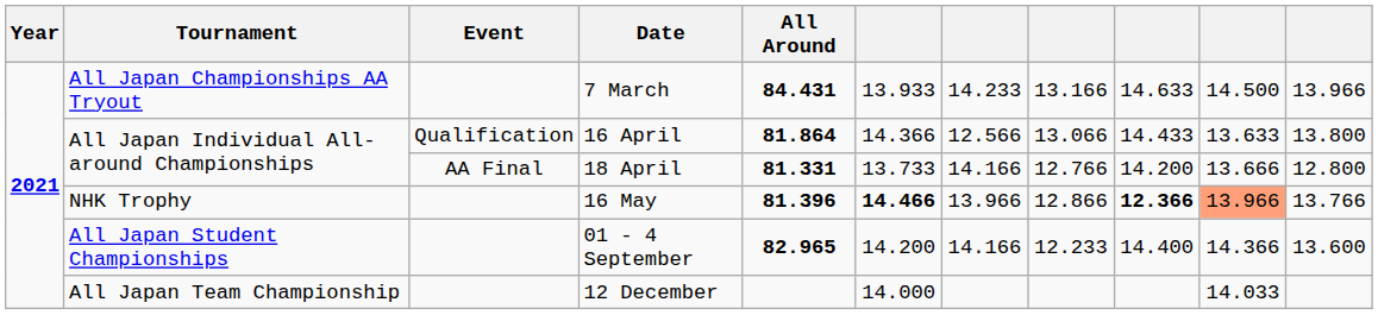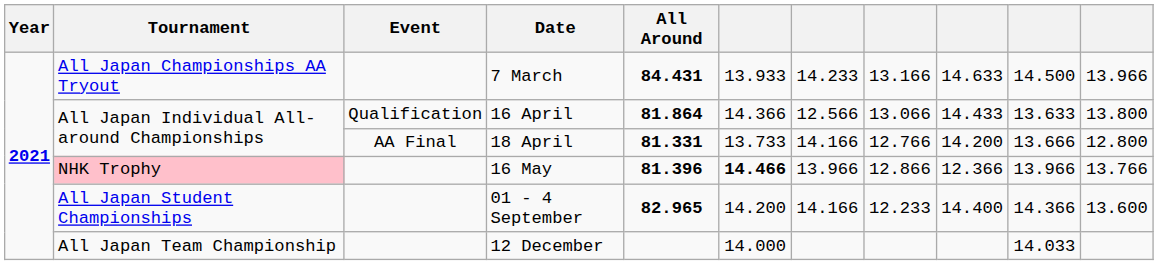 <table class="wikitable sortable" style="text-align:center; font-size:100%">
 <tr>
 <th style="width:20px;" class=unsortable>Year</th>
 <th style="width:300px;" class=unsortable>Tournament</th>
 <th style="width:30px;" class=unsortable>Event</th>
 <th style="width:120px;" class=unsortable>Date</th>
 <th scope="col" style="width:80px;">All Around</th>
 <th scope="col" style="width:50px;"></th>
 <th scope="col" style="width:50px;"></th>
 <th scope="col" style="width:50px;"></th>
 <th scope="col" style="width:50px;"></th>
 <th scope="col" style="width:50px;"></th>
 <th scope="col" style="width:50px;"></th>
 </tr>
 <tr>
 <td rowspan="6"><strong><a href='#'>2021</a></strong></td>
 <td align=left><a href='#'>All Japan Championships AA Tryout</a></td>
 <td></td>
 <td align=left>7 March</td>
 <td><strong>84.431</strong></td>
 <td>13.933</td>
 <td>14.233</td>
 <td>13.166</td>
 <td>14.633</td>
 <td>14.500</td>
 <td>13.966</td>
 </tr>
 <tr>
 <td rowspan="2" align=left>All Japan Individual All-around Championships</td>
 <td>Qualification</td>
 <td align=left>16 April</td>
 <td><strong>81.864</strong></td>
 <td>14.366</td>
 <td>12.566</td>
 <td>13.066</td>
 <td>14.433</td>
 <td>13.633</td>
 <td>13.800</td>
 </tr>
 <tr>
 <td>AA Final</td>
 <td align=left>18 April</td>
 <td><strong>81.331</strong></td>
 <td>13.733</td>
 <td>14.166</td>
 <td>12.766</td>
 <td>14.200</td>
 <td>13.666</td>
 <td>12.800</td>
 </tr>
 <tr>
-<td align=left>NHK Trophy</td>
+<td align=left style="background: pink;">NHK Trophy</td>
 <td></td>
 <td align=left>16 May</td>
 <td><strong>81.396</strong></td>
 <td><strong>14.466</strong></td>
 <td>13.966</td>
 <td>12.866</td>
-<td><strong>12.366</strong></td>
-<td style="background: lightsalmon;">13.966</td>
+<td>12.366</td>
+<td>13.966</td>
 <td>13.766</td>
 </tr>
 <tr>
 <td align=left><a href='#'>All Japan Student Championships</a></td>
 <td></td>
 <td align=left>01 - 4 September</td>
 <td><strong>82.965</strong></td>
 <td>14.200</td>
 <td>14.166</td>
 <td>12.233</td>
 <td>14.400</td>
 <td>14.366</td>
 <td>13.600</td>
 </tr>
 <tr>
 <td align=left>All Japan Team Championship</td>
 <td></td>
 <td align=left>12 December</td>
 <td></td>
 <td>14.000</td>
 <td></td>
 <td></td>
 <td></td>
 <td>14.033</td>
 <td></td>
 </tr>
 </table>
